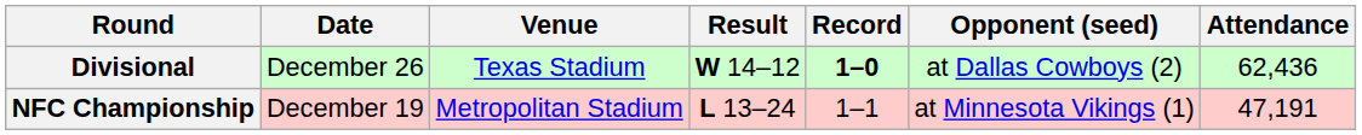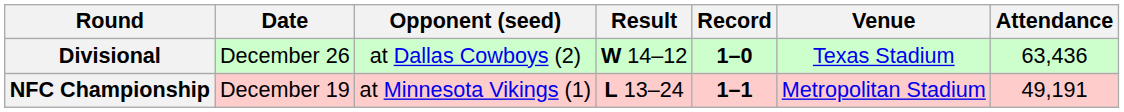 <table class="wikitable" style="text-align:center">
 <tr>
 <th>Round</th>
 <th>Date</th>
-<th>Venue</th>
+<th>Opponent (seed)</th>
 <th>Result</th>
 <th>Record</th>
-<th>Opponent (seed)</th>
+<th>Venue</th>
 <th>Attendance</th>
 </tr>
 <tr style="background:#cfc">
 <th>Divisional</th>
 <td>December 26</td>
-<td><a href='#'>Texas Stadium</a></td>
+<td>at <a href='#'>Dallas Cowboys</a> (2)</td>
 <td><strong>W</strong> 14–12</td>
 <td><strong>1–0</strong></td>
-<td>at <a href='#'>Dallas Cowboys</a> (2)</td>
-<td>62,436</td>
+<td><a href='#'>Texas Stadium</a></td>
+<td>63,436</td>
 </tr>
 <tr style="background:#fcc">
 <th>NFC Championship</th>
 <td>December 19</td>
+<td>at <a href='#'>Minnesota Vikings</a> (1)</td>
+<td><strong>L</strong> 13–24</td>
+<td><strong>1–1</strong></td>
 <td><a href='#'>Metropolitan Stadium</a></td>
-<td><strong>L</strong> 13–24</td>
-<td>1–1</td>
-<td>at <a href='#'>Minnesota Vikings</a> (1)</td>
-<td>47,191</td>
+<td>49,191</td>
 </tr>
 </table>
